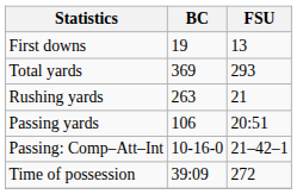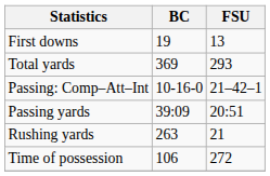 <table class="wikitable" style="float: left;">
 <tr>
 <th>Statistics</th>
 <th>BC</th>
 <th>FSU</th>
 </tr>
 <tr>
 <td>First downs</td>
 <td>19</td>
 <td>13</td>
 </tr>
 <tr>
 <td>Total yards</td>
 <td>369</td>
 <td>293</td>
 </tr>
 <tr>
+<td>Passing: Comp–Att–Int</td>
+<td>10-16-0</td>
+<td>21–42–1</td>
+</tr>
+<tr>
+<td>Passing yards</td>
+<td>39:09</td>
+<td>20:51</td>
+</tr>
+<tr>
 <td>Rushing yards</td>
 <td>263</td>
 <td>21</td>
 </tr>
 <tr>
-<td>Passing yards</td>
+<td>Time of possession</td>
 <td>106</td>
-<td>20:51</td>
-</tr>
-<tr>
-<td>Passing: Comp–Att–Int</td>
-<td>10-16-0</td>
-<td>21–42–1</td>
-</tr>
-<tr>
-<td>Time of possession</td>
-<td>39:09</td>
 <td>272</td>
 </tr>
 <tr>
 </tr>
 </table>
